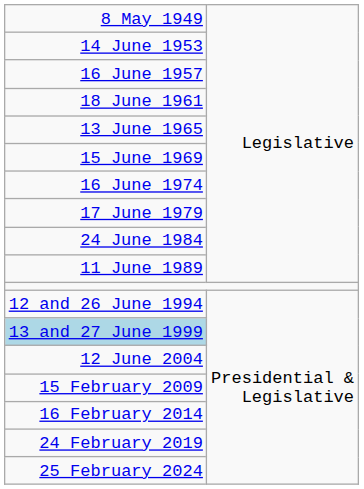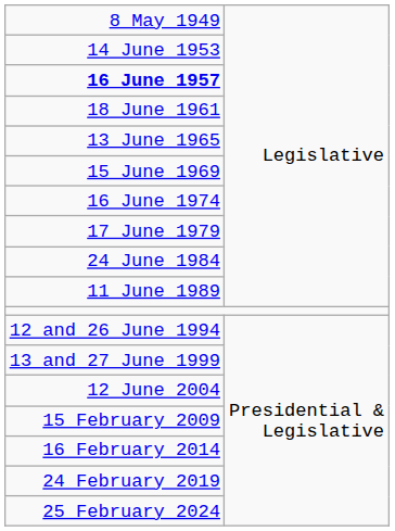 <table class=wikitable style="text-align:right">
 <tr>
 <td><a href='#'>8 May 1949</a></td>
 <td rowspan=10>Legislative</td>
 </tr>
 <tr>
 <td><a href='#'>14 June 1953</a></td>
 </tr>
 <tr>
-<td><a href='#'>16 June 1957</a></td>
+<td><strong><a href='#'>16 June 1957</a></strong></td>
 </tr>
 <tr>
 <td><a href='#'>18 June 1961</a></td>
 </tr>
 <tr>
 <td><a href='#'>13 June 1965</a></td>
 </tr>
 <tr>
 <td><a href='#'>15 June 1969</a></td>
 </tr>
 <tr>
 <td><a href='#'>16 June 1974</a></td>
 </tr>
 <tr>
 <td><a href='#'>17 June 1979</a></td>
 </tr>
 <tr>
 <td><a href='#'>24 June 1984</a></td>
 </tr>
 <tr>
 <td><a href='#'>11 June 1989</a></td>
 </tr>
 <tr>
 <td colspan=2></td>
 </tr>
 <tr>
 <td><a href='#'>12 and 26 June 1994</a></td>
 <td rowspan=7>Presidential &<br> Legislative</td>
 </tr>
 <tr>
-<td style="background: lightblue;"><a href='#'>13 and 27 June 1999</a></td>
+<td><a href='#'>13 and 27 June 1999</a></td>
 </tr>
 <tr>
 <td><a href='#'>12 June 2004</a></td>
 </tr>
 <tr>
 <td><a href='#'>15 February 2009</a></td>
 </tr>
 <tr>
 <td><a href='#'>16 February 2014</a></td>
 </tr>
 <tr>
 <td><a href='#'>24 February 2019</a></td>
 </tr>
 <tr>
 <td><a href='#'>25 February 2024</a></td>
 </tr>
 </table>
